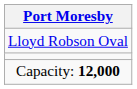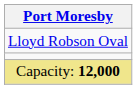 <table class="wikitable" style="text-align:center;">
 <tr>
 <th><a href='#'>Port Moresby</a></th>
 </tr>
 <tr>
 <td><a href='#'>Lloyd Robson Oval</a></td>
 </tr>
 <tr>
 <td></td>
 </tr>
 <tr>
-<td>Capacity: <strong>12,000</strong></td>
+<td style="background: khaki;">Capacity: <strong>12,000</strong></td>
 </tr>
 </table>
